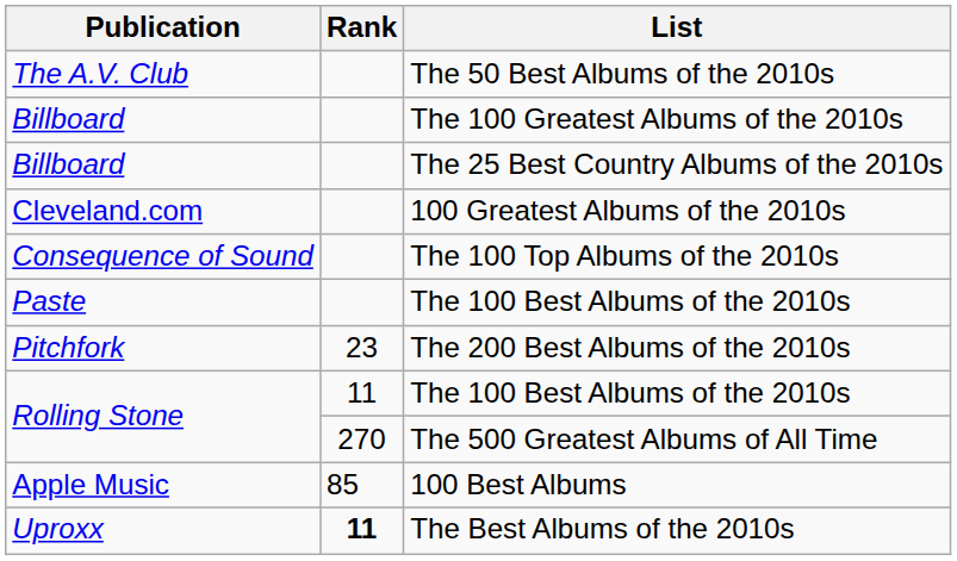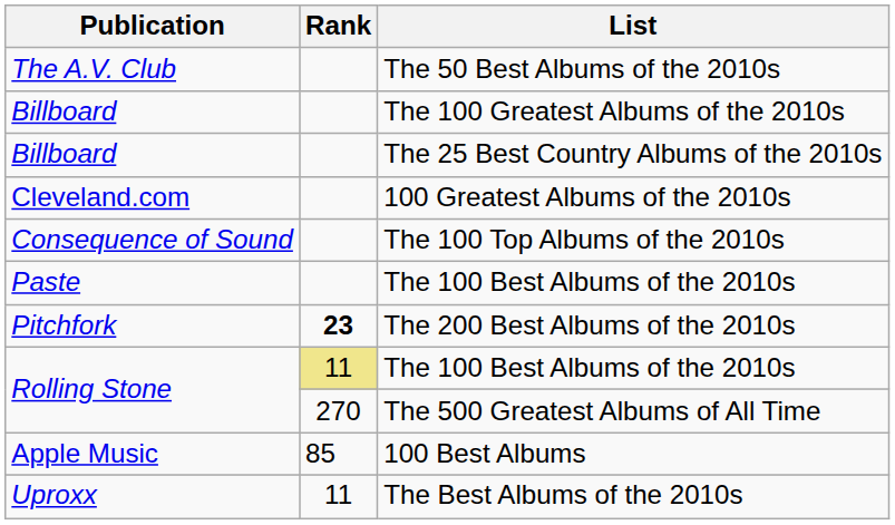 <table class="wikitable plainrowheaders sortable">
 <tr>
 <th>Publication</th>
 <th data-sort-type="number">Rank</th>
 <th scope="col" class="unsortable">List</th>
 </tr>
 <tr>
 <td><em><a href='#'>The A.V. Club</a></em></td>
 <td></td>
 <td>The 50 Best Albums of the 2010s</td>
 </tr>
 <tr>
 <td><em><a href='#'>Billboard</a></em></td>
 <td></td>
 <td>The 100 Greatest Albums of the 2010s</td>
 </tr>
 <tr>
 <td><em><a href='#'>Billboard</a></em></td>
 <td></td>
 <td>The 25 Best Country Albums of the 2010s</td>
 </tr>
 <tr>
 <td><a href='#'>Cleveland.com</a></td>
 <td></td>
 <td>100 Greatest Albums of the 2010s</td>
 </tr>
 <tr>
 <td><em><a href='#'>Consequence of Sound</a></em></td>
 <td></td>
 <td>The 100 Top Albums of the 2010s</td>
 </tr>
 <tr>
 <td><em><a href='#'>Paste</a></em></td>
 <td></td>
 <td>The 100 Best Albums of the 2010s</td>
 </tr>
 <tr>
 <td><em><a href='#'>Pitchfork</a></em></td>
-<td align=center>23</td>
+<td align=center><strong>23</strong></td>
 <td>The 200 Best Albums of the 2010s</td>
 </tr>
 <tr>
 <td rowspan=2><em><a href='#'>Rolling Stone</a></em></td>
-<td align=center>11</td>
+<td align=center style="background: khaki;">11</td>
 <td>The 100 Best Albums of the 2010s</td>
 </tr>
 <tr>
 <td align=center>270</td>
 <td>The 500 Greatest Albums of All Time</td>
 </tr>
 <tr>
 <td><a href='#'>Apple Music</a></td>
 <td>85</td>
 <td>100 Best Albums</td>
 </tr>
 <tr>
 <td><em><a href='#'>Uproxx</a></em></td>
-<td align=center><strong>11</strong></td>
+<td align=center>11</td>
 <td>The Best Albums of the 2010s</td>
 </tr>
 </table>
